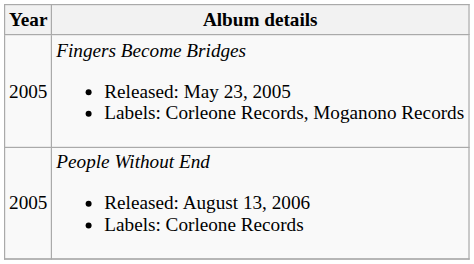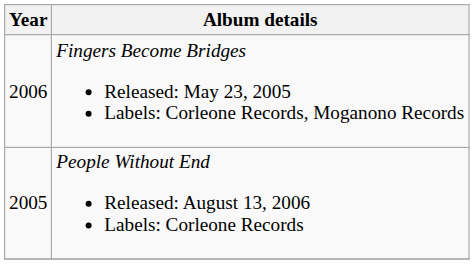 <table class ="wikitable">
 <tr>
 <th rowspan="1">Year</th>
 <th rowspan="1">Album details</th>
 </tr>
 <tr>
-<td>2005</td>
+<td>2006</td>
 <td><em>Fingers Become Bridges</em><br><ul><li>Released: May 23, 2005</li><li>Labels: Corleone Records, Moganono Records</li></ul></td>
 </tr>
 <tr>
 <td>2005</td>
 <td><em>People Without End</em><br><ul><li>Released: August 13, 2006</li><li>Labels: Corleone Records</li></ul></td>
 </tr>
 <tr>
 </tr>
 </table>
